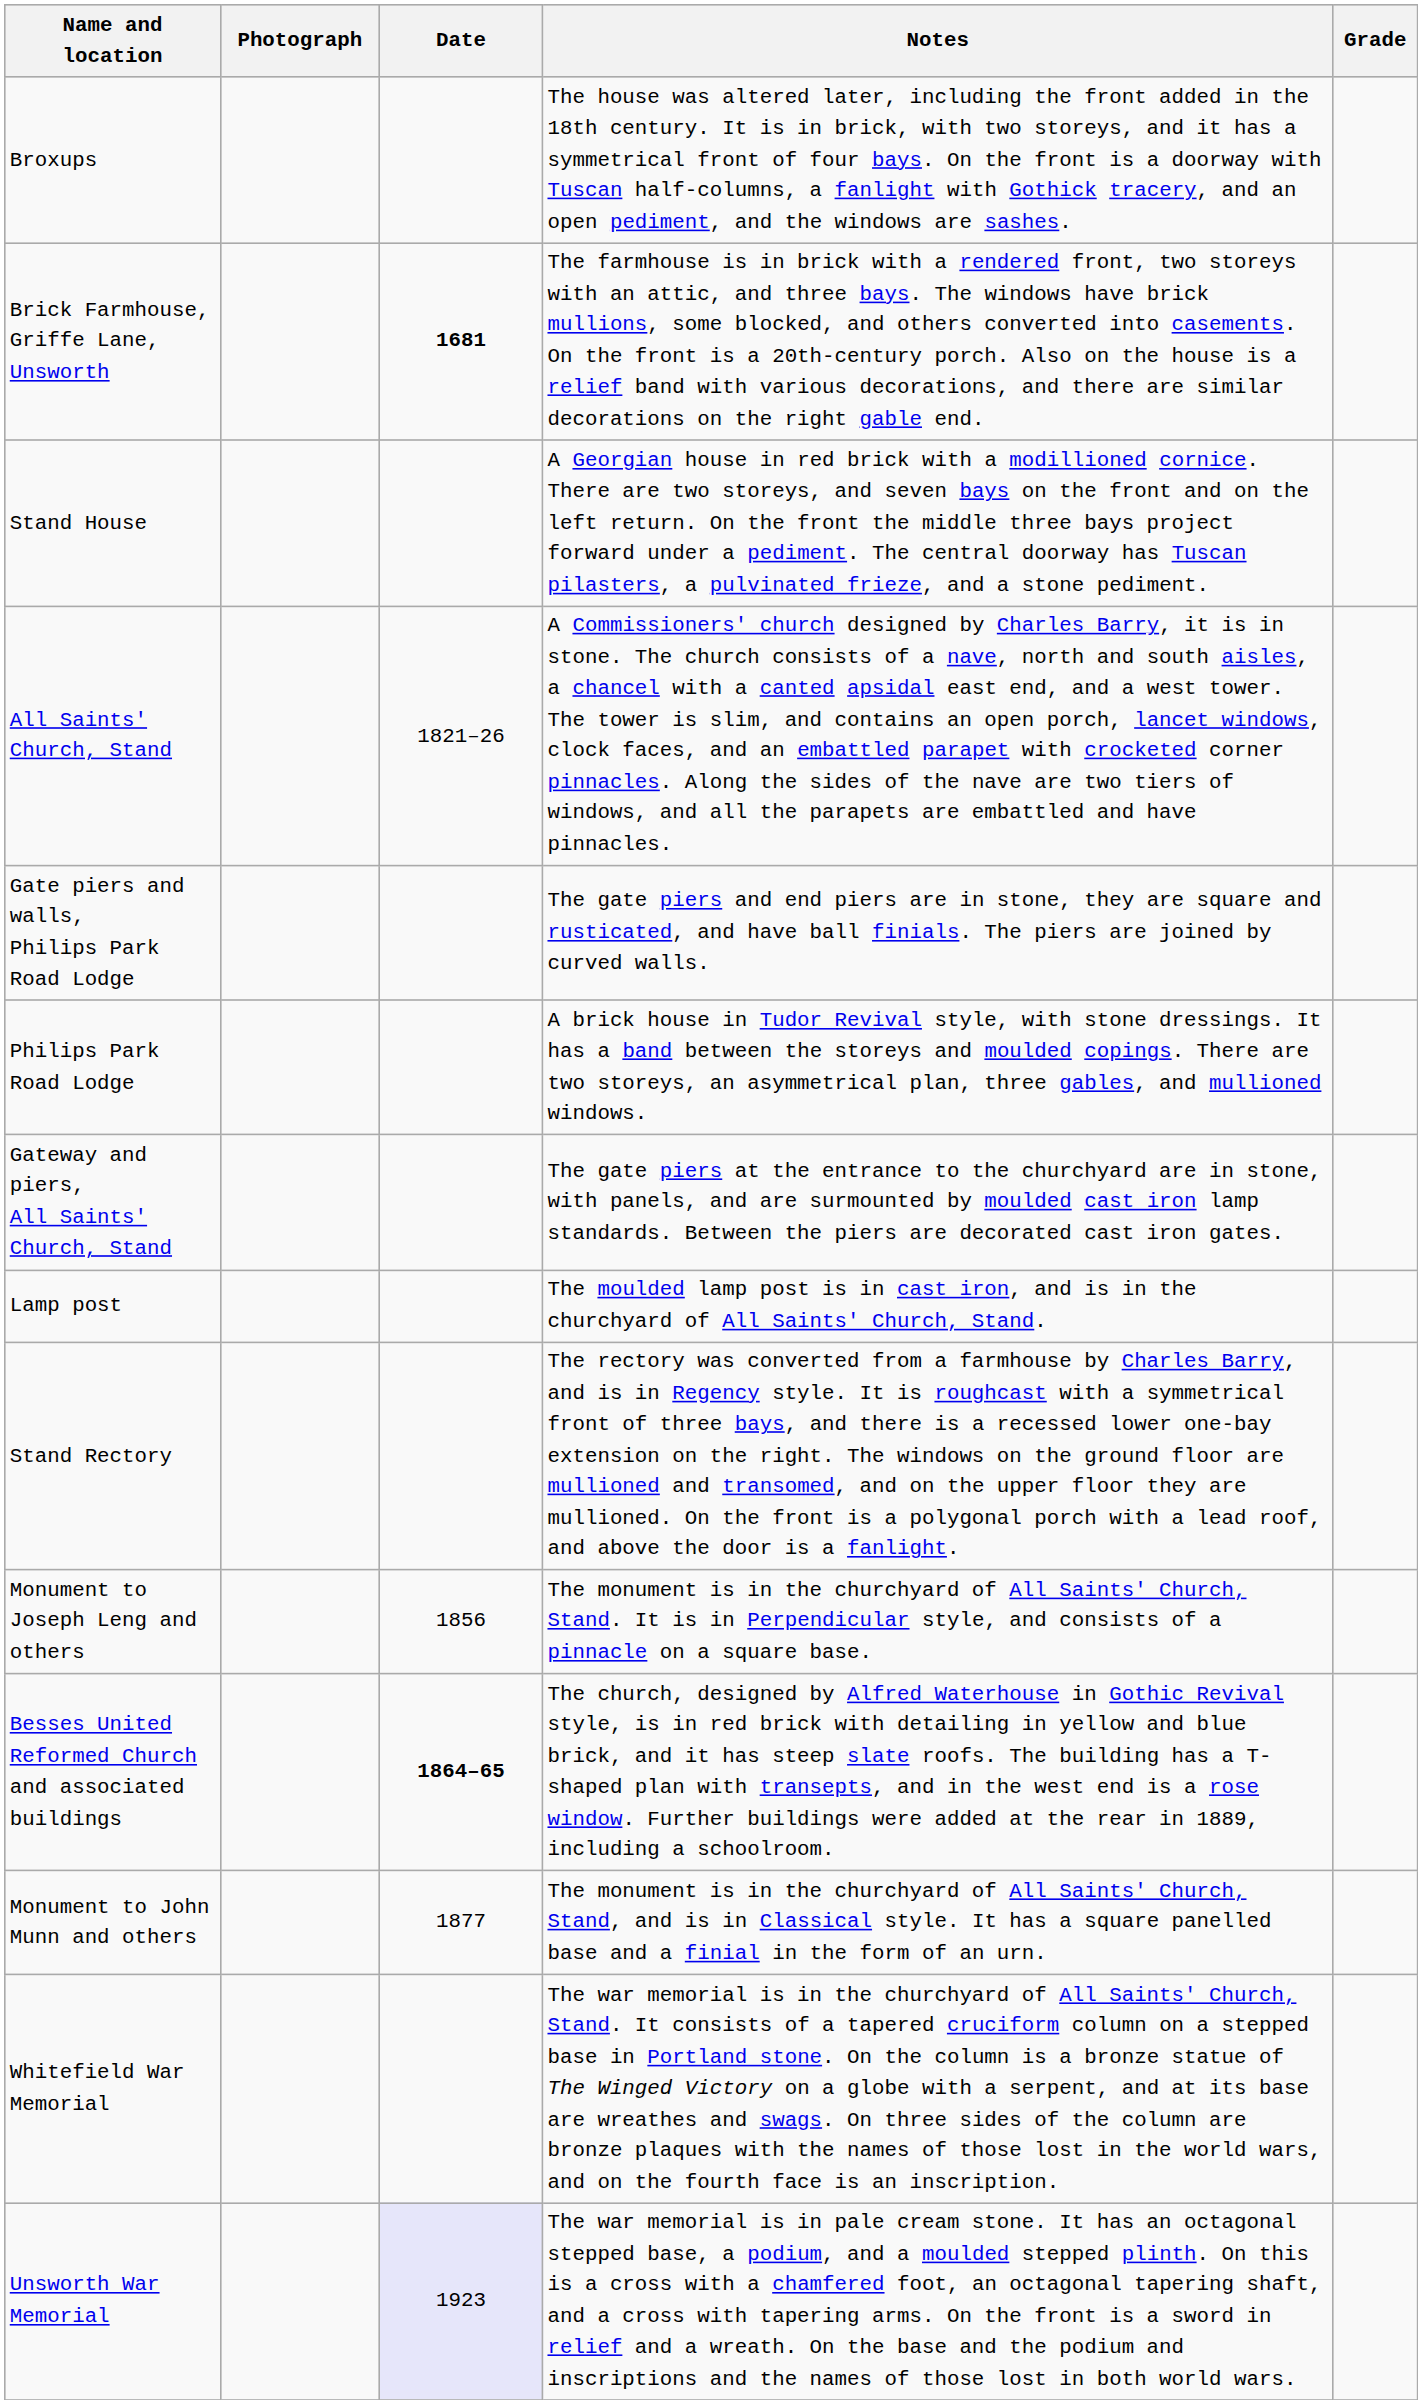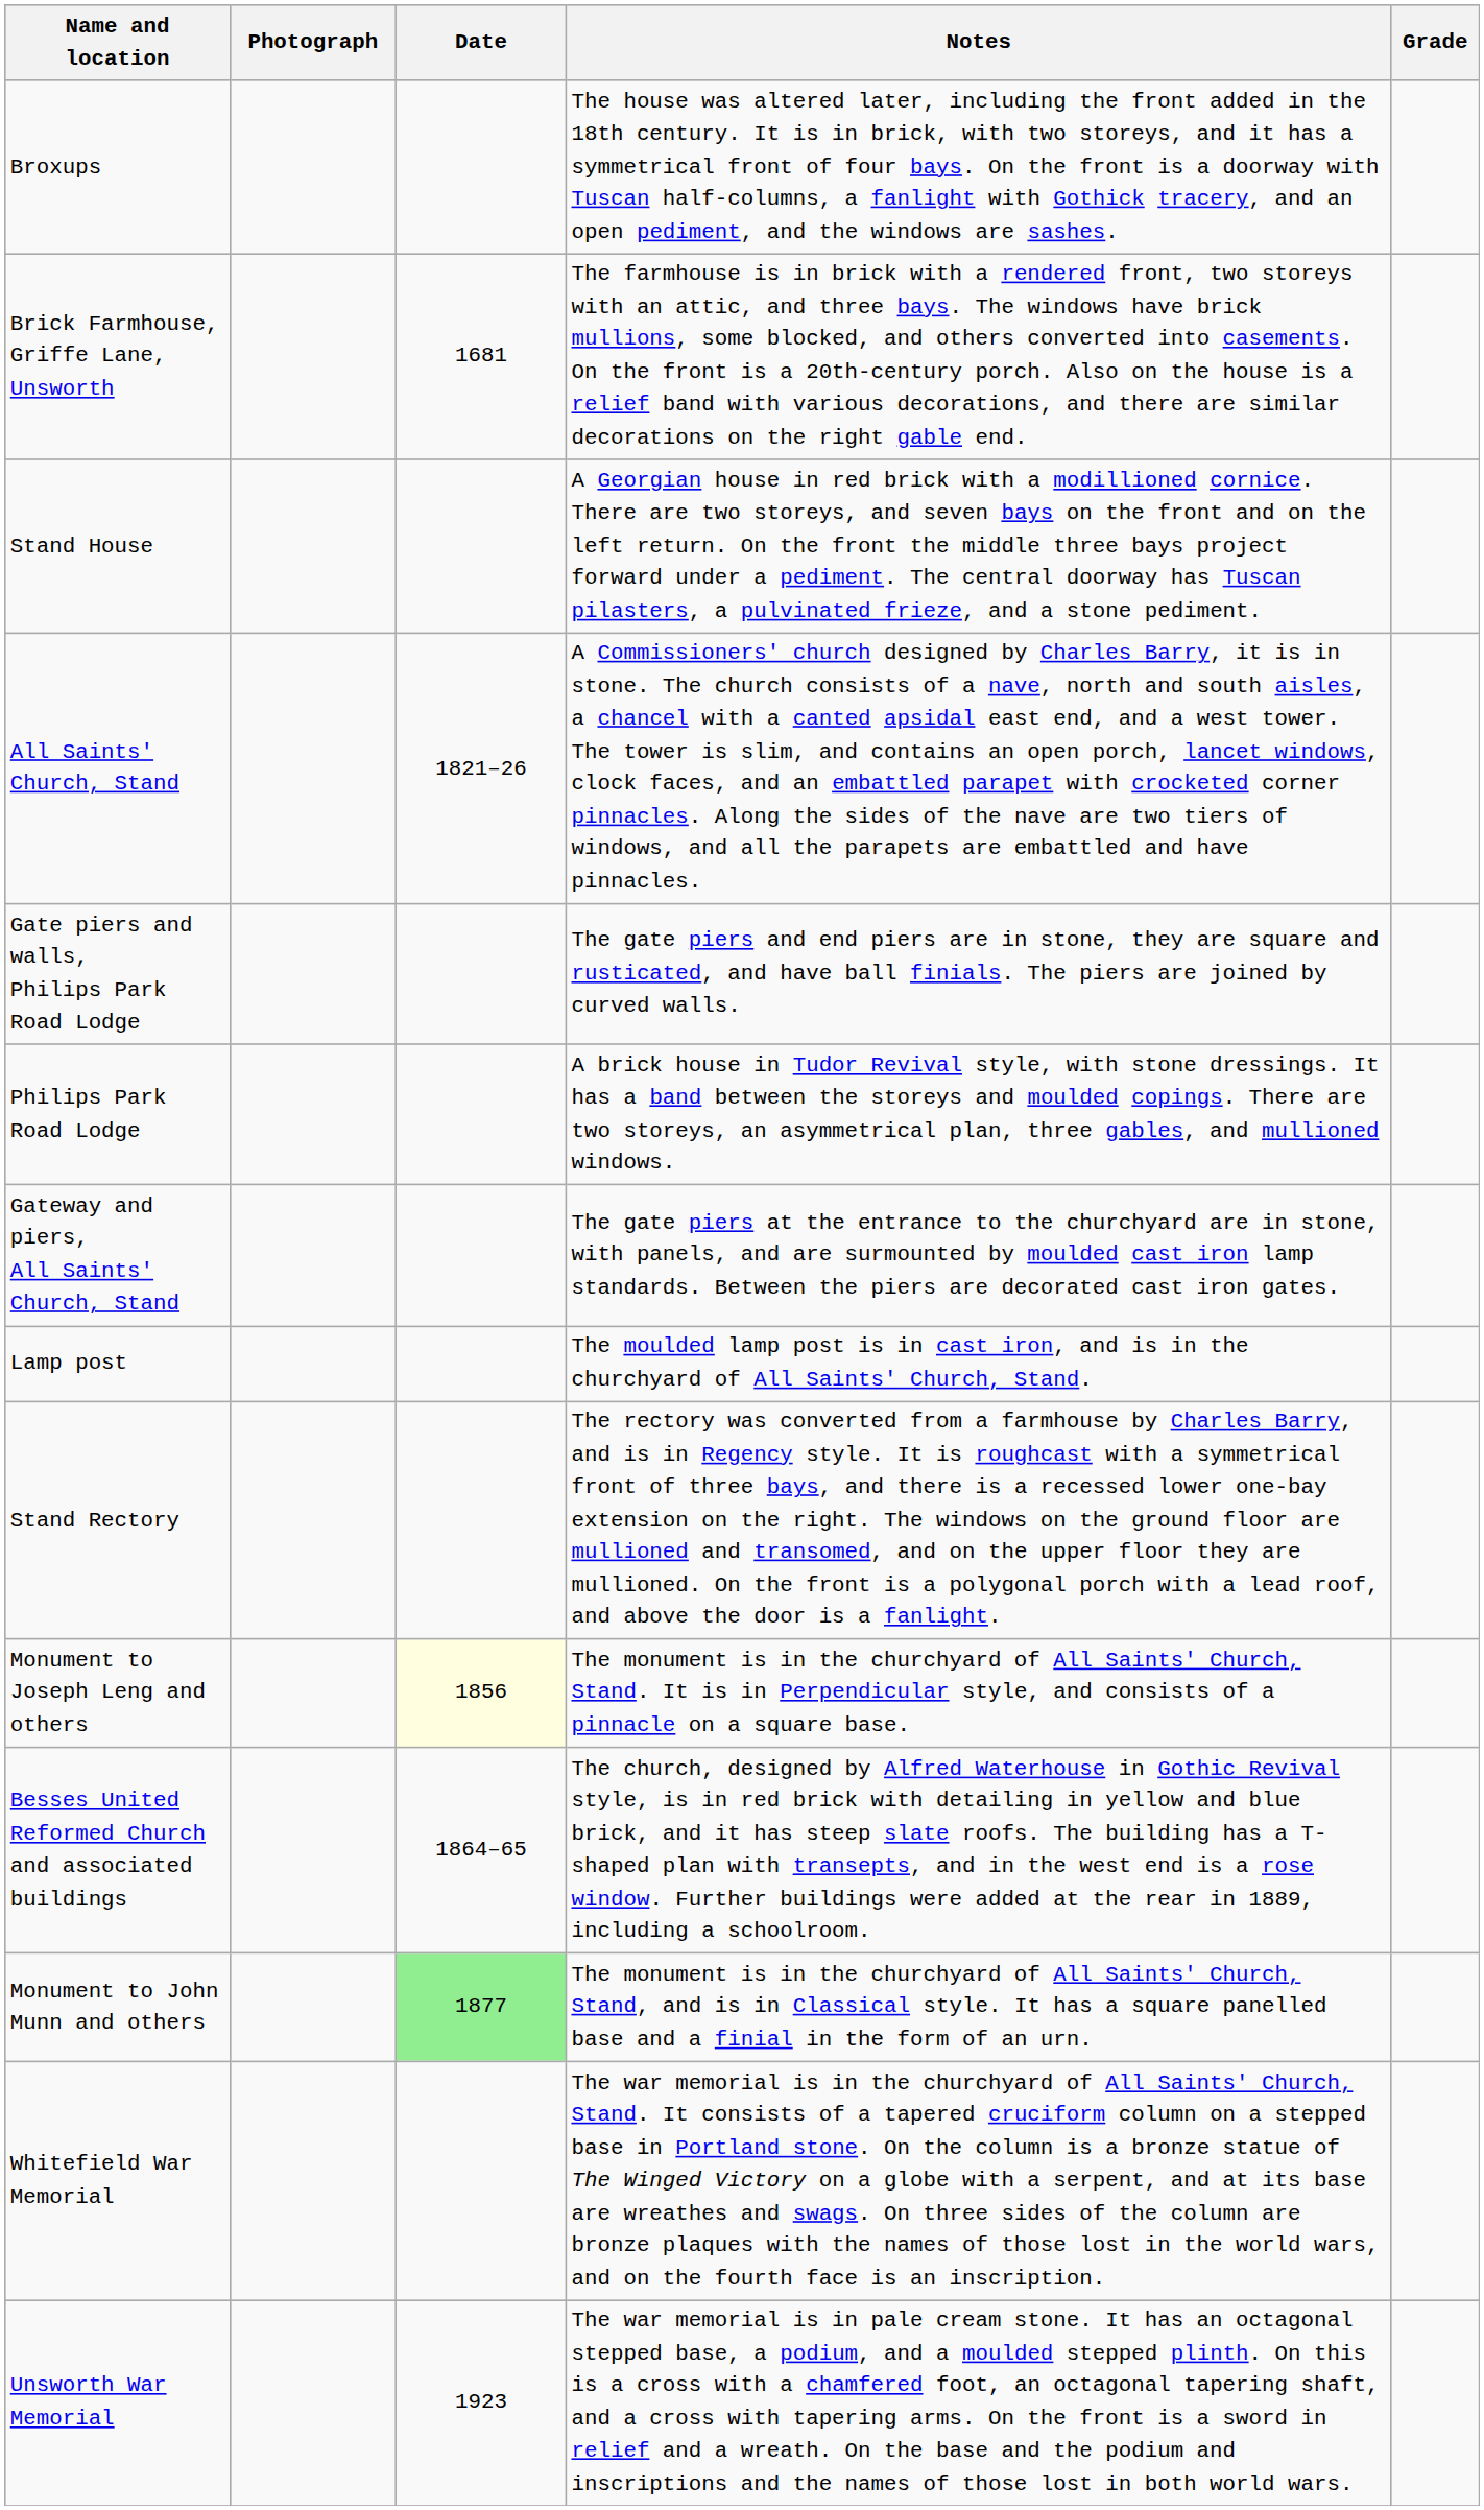 <table class="wikitable sortable plainrowheaders" style="width:100%; border:0; text-align:left; line-height:150%;">
 <tr>
 <th scope="col"  style="width:150px">Name and location</th>
 <th scope="col"  style="width:100px" class="unsortable">Photograph</th>
 <th scope="col"  style="width:120px">Date</th>
 <th scope="col"  style="width:650px" class="unsortable">Notes</th>
 <th scope="col"  style="width:50px">Grade</th>
 </tr>
 <tr>
 <td>Broxups<br><small></small></td>
 <td></td>
 <td align="center"></td>
 <td>The house was altered later, including the front added in the 18th century. It is in brick, with two storeys, and it has a symmetrical front of four <a href='#'>bays</a>. On the front is a doorway with <a href='#'>Tuscan</a> half-columns, a <a href='#'>fanlight</a> with <a href='#'>Gothick</a> <a href='#'>tracery</a>, and an open <a href='#'>pediment</a>, and the windows are <a href='#'>sashes</a>.</td>
 <td align="center" ></td>
 </tr>
 <tr>
 <td>Brick Farmhouse, Griffe Lane, <a href='#'>Unsworth</a><br><small></small></td>
 <td></td>
-<td align="center"><strong>1681</strong></td>
+<td align="center">1681</td>
 <td>The farmhouse is in brick with a <a href='#'>rendered</a> front, two storeys with an attic, and three <a href='#'>bays</a>. The windows have brick <a href='#'>mullions</a>, some blocked, and others converted into <a href='#'>casements</a>. On the front is a 20th-century porch. Also on the house is a <a href='#'>relief</a> band with various decorations, and there are similar decorations on the right <a href='#'>gable</a> end.</td>
 <td align="center" ></td>
 </tr>
 <tr>
 <td>Stand House<br><small></small></td>
 <td></td>
 <td align="center"></td>
 <td>A <a href='#'>Georgian</a> house in red brick with a <a href='#'>modillioned</a> <a href='#'>cornice</a>. There are two storeys, and seven <a href='#'>bays</a> on the front and on the left return. On the front the middle three bays project forward under a <a href='#'>pediment</a>. The central doorway has <a href='#'>Tuscan</a> <a href='#'>pilasters</a>, a <a href='#'>pulvinated frieze</a>, and a stone pediment.</td>
 <td align="center" ></td>
 </tr>
 <tr>
 <td><a href='#'>All Saints' Church, Stand</a><br><small></small></td>
 <td></td>
 <td align="center">1821–26</td>
 <td>A <a href='#'>Commissioners' church</a> designed by <a href='#'>Charles Barry</a>, it is in stone. The church consists of a <a href='#'>nave</a>, north and south <a href='#'>aisles</a>, a <a href='#'>chancel</a> with a <a href='#'>canted</a> <a href='#'>apsidal</a> east end, and a west tower. The tower is slim, and contains an open porch, <a href='#'>lancet windows</a>, clock faces, and an <a href='#'>embattled</a> <a href='#'>parapet</a> with <a href='#'>crocketed</a> corner <a href='#'>pinnacles</a>. Along the sides of the nave are two tiers of windows, and all the parapets are embattled and have pinnacles.</td>
 <td align="center" ></td>
 </tr>
 <tr>
 <td>Gate piers and walls,<br>Philips Park Road Lodge<br><small></small></td>
 <td></td>
 <td align="center"></td>
 <td>The gate <a href='#'>piers</a> and end piers are in stone, they are square and <a href='#'>rusticated</a>, and have ball <a href='#'>finials</a>. The piers are joined by curved walls.</td>
 <td align="center" ></td>
 </tr>
 <tr>
 <td>Philips Park Road Lodge<br><small></small></td>
 <td></td>
 <td align="center"></td>
 <td>A brick house in <a href='#'>Tudor Revival</a> style, with stone dressings. It has a <a href='#'>band</a> between the storeys and <a href='#'>moulded</a> <a href='#'>copings</a>. There are two storeys, an asymmetrical plan, three <a href='#'>gables</a>, and <a href='#'>mullioned</a> windows.</td>
 <td align="center" ></td>
 </tr>
 <tr>
 <td>Gateway and piers,<br><a href='#'>All Saints' Church, Stand</a><br><small></small></td>
 <td></td>
 <td align="center"></td>
 <td>The gate <a href='#'>piers</a> at the entrance to the churchyard are in stone, with panels, and are surmounted by <a href='#'>moulded</a> <a href='#'>cast iron</a> lamp standards. Between the piers are decorated cast iron gates.</td>
 <td align="center" ></td>
 </tr>
 <tr>
 <td>Lamp post<br><small></small></td>
 <td></td>
 <td align="center"></td>
 <td>The <a href='#'>moulded</a> lamp post is in <a href='#'>cast iron</a>, and is in the churchyard of <a href='#'>All Saints' Church, Stand</a>.</td>
 <td align="center" ></td>
 </tr>
 <tr>
 <td>Stand Rectory<br><small></small></td>
 <td></td>
 <td align="center"></td>
 <td>The rectory was converted from a farmhouse by <a href='#'>Charles Barry</a>, and is in <a href='#'>Regency</a> style. It is <a href='#'>roughcast</a> with a symmetrical front of three <a href='#'>bays</a>, and there is a recessed lower one-bay extension on the right. The windows on the ground floor are <a href='#'>mullioned</a> and <a href='#'>transomed</a>, and on the upper floor they are mullioned. On the front is a polygonal porch with a lead roof, and above the door is a <a href='#'>fanlight</a>.</td>
 <td align="center" ></td>
 </tr>
 <tr>
 <td>Monument to Joseph Leng and others<br><small></small></td>
 <td></td>
-<td align="center">1856</td>
+<td align="center" style="background: lightyellow;">1856</td>
 <td>The monument is in the churchyard of <a href='#'>All Saints' Church, Stand</a>. It is in <a href='#'>Perpendicular</a> style, and consists of a <a href='#'>pinnacle</a> on a square base.</td>
 <td align="center" ></td>
 </tr>
 <tr>
 <td><a href='#'>Besses United Reformed Church</a> and associated buildings<br><small></small></td>
 <td></td>
-<td align="center"><strong>1864–65</strong></td>
+<td align="center">1864–65</td>
 <td>The church, designed by <a href='#'>Alfred Waterhouse</a> in <a href='#'>Gothic Revival</a> style, is in red brick with detailing in yellow and blue brick, and it has steep <a href='#'>slate</a> roofs. The building has a T-shaped plan with <a href='#'>transepts</a>, and in the west end is a <a href='#'>rose window</a>. Further buildings were added at the rear in 1889, including a schoolroom.</td>
 <td align="center" ></td>
 </tr>
 <tr>
 <td>Monument to John Munn and others<br><small></small></td>
 <td></td>
-<td align="center">1877</td>
+<td align="center" style="background: lightgreen;">1877</td>
 <td>The monument is in the churchyard of <a href='#'>All Saints' Church, Stand</a>, and is in <a href='#'>Classical</a> style. It has a square panelled base and a <a href='#'>finial</a> in the form of an urn.</td>
 <td align="center" ></td>
 </tr>
 <tr>
 <td>Whitefield War Memorial<br><small></small></td>
 <td></td>
 <td align="center"></td>
 <td>The war memorial is in the churchyard of <a href='#'>All Saints' Church, Stand</a>. It consists of a tapered <a href='#'>cruciform</a> column on a stepped base in <a href='#'>Portland stone</a>. On the column is a bronze statue of <em>The Winged Victory</em> on a globe with a serpent, and at its base are wreathes and <a href='#'>swags</a>. On three sides of the column are bronze plaques with the names of those lost in the world wars, and on the fourth face is an inscription.</td>
 <td align="center" ></td>
 </tr>
 <tr>
 <td><a href='#'>Unsworth War Memorial</a><br><small></small></td>
 <td></td>
-<td align="center" style="background: lavender;">1923</td>
+<td align="center">1923</td>
 <td>The war memorial is in pale cream stone. It has an octagonal stepped base, a <a href='#'>podium</a>, and a <a href='#'>moulded</a> stepped <a href='#'>plinth</a>. On this is a cross with a <a href='#'>chamfered</a> foot, an octagonal tapering shaft, and a cross with tapering arms. On the front is a sword in <a href='#'>relief</a> and a wreath. On the base and the podium and inscriptions and the names of those lost in both world wars.</td>
 <td align="center" ></td>
 </tr>
 <tr>
 </tr>
 </table>
